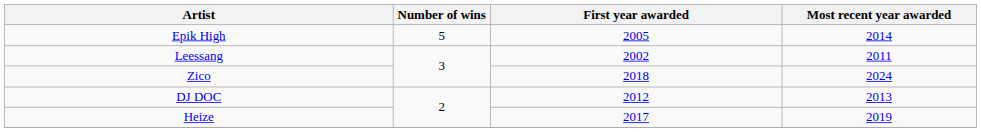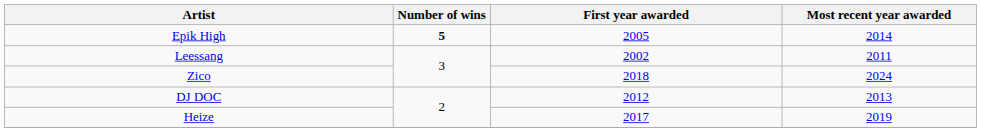 <table class="wikitable"  style="width:95%; text-align:center;">
 <tr>
 <th width=40%>Artist</th>
 <th width=10%>Number of wins</th>
 <th style="width:30%;">First year awarded</th>
 <th width=30%>Most recent year awarded</th>
 </tr>
 <tr>
 <td><a href='#'>Epik High</a></td>
-<td>5</td>
+<td><strong>5</strong></td>
 <td><a href='#'>2005</a></td>
 <td><a href='#'>2014</a></td>
 </tr>
 <tr>
 <td><a href='#'>Leessang</a></td>
 <td rowspan=2>3</td>
 <td><a href='#'>2002</a></td>
 <td><a href='#'>2011</a></td>
 </tr>
 <tr>
 <td><a href='#'>Zico</a></td>
 <td><a href='#'>2018</a></td>
 <td><a href='#'>2024</a></td>
 </tr>
 <tr>
 <td><a href='#'>DJ DOC</a></td>
 <td rowspan=2>2</td>
 <td><a href='#'>2012</a></td>
 <td><a href='#'>2013</a></td>
 </tr>
 <tr>
 <td><a href='#'>Heize</a></td>
 <td><a href='#'>2017</a></td>
 <td><a href='#'>2019</a></td>
 </tr>
 <tr>
 </tr>
 </table>
